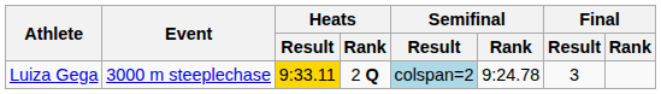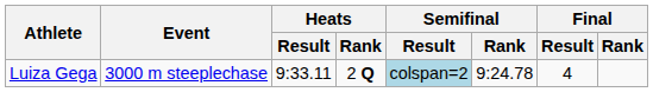 <table class="wikitable" border="1" style="font-size:90%">
 <tr>
 <th rowspan="2">Athlete</th>
 <th rowspan="2">Event</th>
 <th colspan="2">Heats</th>
 <th colspan="2">Semifinal</th>
 <th colspan="2">Final</th>
 </tr>
 <tr>
 <th>Result</th>
 <th>Rank</th>
 <th>Result</th>
 <th>Rank</th>
 <th>Result</th>
 <th>Rank</th>
 </tr>
 <tr>
 <td><a href='#'>Luiza Gega</a></td>
 <td><a href='#'>3000 m steeplechase</a></td>
-<td align=center style="background: gold;">9:33.11</td>
+<td align=center>9:33.11</td>
 <td align=center>2 <strong>Q</strong></td>
 <td style="background: lightblue;">colspan=2</td>
 <td align=center>9:24.78</td>
-<td align=center>3</td>
+<td align=center>4</td>
 </tr>
 </table>
